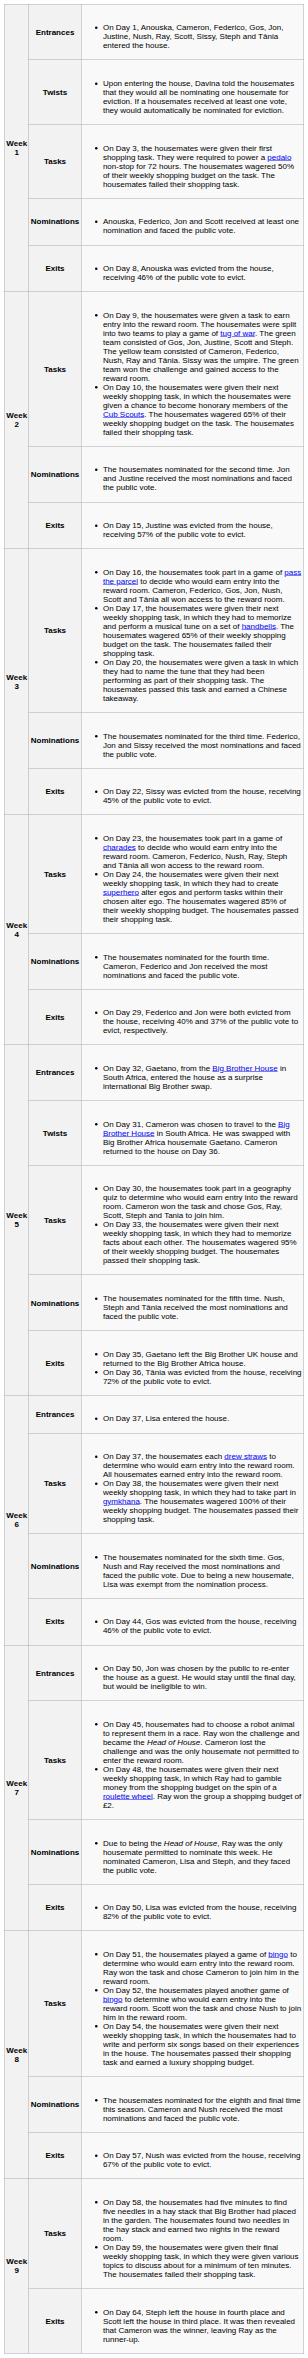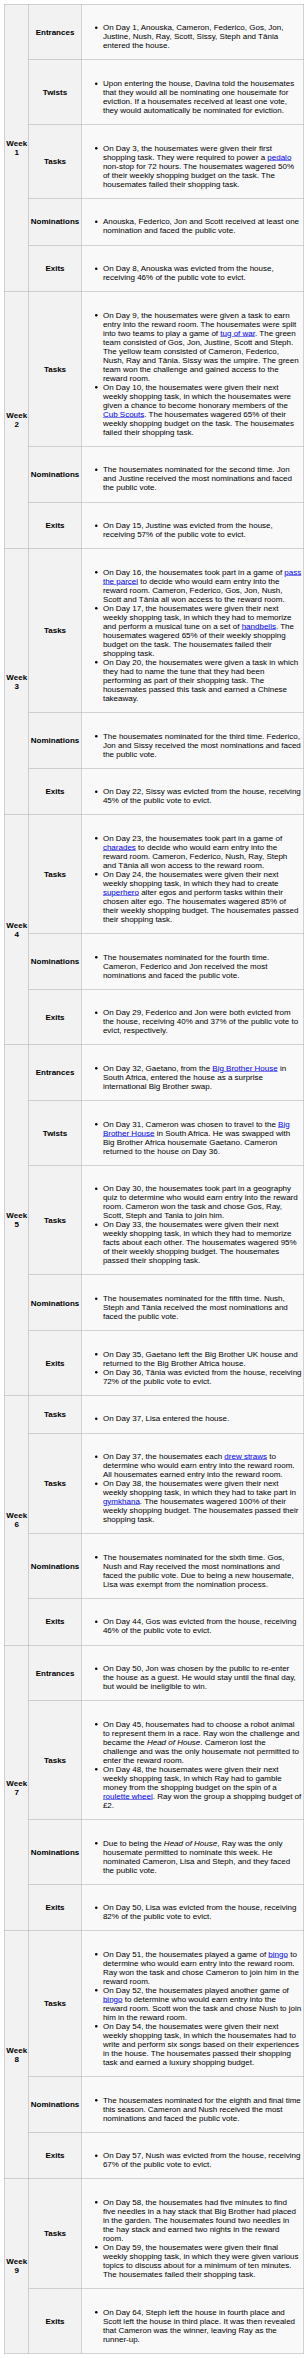 <table class="wikitable" style="width: 96%; margin-left: auto; margin-right: auto;">
 <tr>
 <th scope="rowgroup" rowspan=5 style="width: 7%;">Week 1</th>
 <th scope="row">Entrances</th>
 <td><br><ul><li>On Day 1, Anouska, Cameron, Federico, Gos, Jon, Justine, Nush, Ray, Scott, Sissy, Steph and Tânia entered the house.</li></ul></td>
 </tr>
 <tr>
 <th scope="row"><strong>Twists</strong></th>
 <td><br><ul><li>Upon entering the house, Davina told the housemates that they would all be nominating one housemate for eviction. If a housemates received at least one vote, they would automatically be nominated for eviction.</li></ul></td>
 </tr>
 <tr>
 <th scope="row">Tasks</th>
 <td><br><ul><li>On Day 3, the housemates were given their first shopping task. They were required to power a <a href='#'>pedalo</a> non-stop for 72 hours. The housemates wagered 50% of their weekly shopping budget on the task. The housemates failed their shopping task.</li></ul></td>
 </tr>
 <tr>
 <th scope="row">Nominations</th>
 <td><br><ul><li>Anouska, Federico, Jon and Scott received at least one nomination and faced the public vote.</li></ul></td>
 </tr>
 <tr>
 <th scope="row">Exits</th>
 <td><br><ul><li>On Day 8, Anouska was evicted from the house, receiving 46% of the public vote to evict.</li></ul></td>
 </tr>
 <tr>
 <th scope="rowgroup" rowspan=3>Week 2</th>
 <th scope="row">Tasks</th>
 <td><br><ul><li>On Day 9, the housemates were given a task to earn entry into the reward room. The housemates were split into two teams to play a game of <a href='#'>tug of war</a>. The green team consisted of Gos, Jon, Justine, Scott and Steph. The yellow team consisted of Cameron, Federico, Nush, Ray and Tânia. Sissy was the umpire. The green team won the challenge and gained access to the reward room.</li><li>On Day 10, the housemates were given their next weekly shopping task, in which the housemates were given a chance to become honorary members of the <a href='#'>Cub Scouts</a>. The housemates wagered 65% of their weekly shopping budget on the task. The housemates failed their shopping task.</li></ul></td>
 </tr>
 <tr>
 <th scope="row">Nominations</th>
 <td><br><ul><li>The housemates nominated for the second time. Jon and Justine received the most nominations and faced the public vote.</li></ul></td>
 </tr>
 <tr>
 <th scope="row">Exits</th>
 <td><br><ul><li>On Day 15, Justine was evicted from the house, receiving 57% of the public vote to evict.</li></ul></td>
 </tr>
 <tr>
 <th scope="rowgroup" rowspan=3>Week 3</th>
 <th scope="row">Tasks</th>
 <td><br><ul><li>On Day 16, the housemates took part in a game of <a href='#'>pass the parcel</a> to decide who would earn entry into the reward room. Cameron, Federico, Gos, Jon, Nush, Scott and Tânia all won access to the reward room.</li><li>On Day 17, the housemates were given their next weekly shopping task, in which they had to memorize and perform a musical tune on a set of <a href='#'>handbells</a>. The housemates wagered 65% of their weekly shopping budget on the task. The housemates failed their shopping task.</li><li>On Day 20, the housemates were given a task in which they had to name the tune that they had been performing as part of their shopping task. The housemates passed this task and earned a Chinese takeaway.</li></ul></td>
 </tr>
 <tr>
 <th scope="row">Nominations</th>
 <td><br><ul><li>The housemates nominated for the third time. Federico, Jon and Sissy received the most nominations and faced the public vote.</li></ul></td>
 </tr>
 <tr>
 <th scope="row">Exits</th>
 <td><br><ul><li>On Day 22, Sissy was evicted from the house, receiving 45% of the public vote to evict.</li></ul></td>
 </tr>
 <tr>
 <th scope="rowgroup" rowspan=3>Week 4</th>
 <th scope="row">Tasks</th>
 <td><br><ul><li>On Day 23, the housemates took part in a game of <a href='#'>charades</a> to decide who would earn entry into the reward room. Cameron, Federico, Nush, Ray, Steph and Tânia all won access to the reward room.</li><li>On Day 24, the housemates were given their next weekly shopping task, in which they had to create <a href='#'>superhero</a> alter egos and perform tasks within their chosen alter ego. The housemates wagered 85% of their weekly shopping budget. The housemates passed their shopping task.</li></ul></td>
 </tr>
 <tr>
 <th scope="row">Nominations</th>
 <td><br><ul><li>The housemates nominated for the fourth time. Cameron, Federico and Jon received the most nominations and faced the public vote.</li></ul></td>
 </tr>
 <tr>
 <th scope="row">Exits</th>
 <td><br><ul><li>On Day 29, Federico and Jon were both evicted from the house, receiving 40% and 37% of the public vote to evict, respectively.</li></ul></td>
 </tr>
 <tr>
 <th scope="rowgroup" rowspan=5>Week 5</th>
 <th scope="row">Entrances</th>
 <td><br><ul><li>On Day 32, Gaetano, from the <a href='#'>Big Brother House</a> in South Africa, entered the house as a surprise international Big Brother swap.</li></ul></td>
 </tr>
 <tr>
 <th scope="row">Twists</th>
 <td><br><ul><li>On Day 31, Cameron was chosen to travel to the <a href='#'>Big Brother House</a> in South Africa. He was swapped with Big Brother Africa housemate Gaetano. Cameron returned to the house on Day 36.</li></ul></td>
 </tr>
 <tr>
 <th scope="row">Tasks</th>
 <td><br><ul><li>On Day 30, the housemates took part in a geography quiz to determine who would earn entry into the reward room. Cameron won the task and chose Gos, Ray, Scott, Steph and Tania to join him.</li><li>On Day 33, the housemates were given their next weekly shopping task, in which they had to memorize facts about each other. The housemates wagered 95% of their weekly shopping budget. The housemates passed their shopping task.</li></ul></td>
 </tr>
 <tr>
 <th scope="row">Nominations</th>
 <td><br><ul><li>The housemates nominated for the fifth time. Nush, Steph and Tânia received the most nominations and faced the public vote.</li></ul></td>
 </tr>
 <tr>
 <th scope="row">Exits</th>
 <td><br><ul><li>On Day 35, Gaetano left the Big Brother UK house and returned to the Big Brother Africa house.</li><li>On Day 36, Tânia was evicted from the house, receiving 72% of the public vote to evict.</li></ul></td>
 </tr>
 <tr>
 <th scope="rowgroup" rowspan=4>Week 6</th>
-<th scope="row">Entrances</th>
+<th scope="row">Tasks</th>
 <td><br><ul><li>On Day 37, Lisa entered the house.</li></ul></td>
 </tr>
 <tr>
 <th scope="row">Tasks</th>
 <td><br><ul><li>On Day 37, the housemates each <a href='#'>drew straws</a> to determine who would earn entry into the reward room. All housemates earned entry into the reward room.</li><li>On Day 38, the housemates were given their next weekly shopping task, in which they had to take part in <a href='#'>gymkhana</a>. The housemates wagered 100% of their weekly shopping budget. The housemates passed their shopping task.</li></ul></td>
 </tr>
 <tr>
 <th scope="row">Nominations</th>
 <td><br><ul><li>The housemates nominated for the sixth time. Gos, Nush and Ray received the most nominations and faced the public vote. Due to being a new housemate, Lisa was exempt from the nomination process.</li></ul></td>
 </tr>
 <tr>
 <th scope="row">Exits</th>
 <td><br><ul><li>On Day 44, Gos was evicted from the house, receiving 46% of the public vote to evict.</li></ul></td>
 </tr>
 <tr>
 <th scope="rowgroup" rowspan=4>Week 7</th>
 <th scope="row">Entrances</th>
 <td><br><ul><li>On Day 50, Jon was chosen by the public to re-enter the house as a guest. He would stay until the final day, but would be ineligible to win.</li></ul></td>
 </tr>
 <tr>
 <th scope="row">Tasks</th>
 <td><br><ul><li>On Day 45, housemates had to choose a robot animal to represent them in a race. Ray won the challenge and became the <em>Head of House</em>. Cameron lost the challenge and was the only housemate not permitted to enter the reward room.</li><li>On Day 48, the housemates were given their next weekly shopping task, in which Ray had to gamble money from the shopping budget on the spin of a <a href='#'>roulette wheel</a>. Ray won the group a shopping budget of £2.</li></ul></td>
 </tr>
 <tr>
 <th scope="row">Nominations</th>
 <td><br><ul><li>Due to being the <em>Head of House</em>, Ray was the only housemate permitted to nominate this week. He nominated Cameron, Lisa and Steph, and they faced the public vote.</li></ul></td>
 </tr>
 <tr>
 <th scope="row">Exits</th>
 <td><br><ul><li>On Day 50, Lisa was evicted from the house, receiving 82% of the public vote to evict.</li></ul></td>
 </tr>
 <tr>
 <th scope="rowgroup" rowspan=3>Week 8</th>
 <th scope="row">Tasks</th>
 <td><br><ul><li>On Day 51, the housemates played a game of <a href='#'>bingo</a> to determine who would earn entry into the reward room. Ray won the task and chose Cameron to join him in the reward room.</li><li>On Day 52, the housemates played another game of <a href='#'>bingo</a> to determine who would earn entry into the reward room. Scott won the task and chose Nush to join him in the reward room.</li><li>On Day 54, the housemates were given their next weekly shopping task, in which the housemates had to write and perform six songs based on their experiences in the house. The housemates passed their shopping task and earned a luxury shopping budget.</li></ul></td>
 </tr>
 <tr>
 <th scope="row">Nominations</th>
 <td><br><ul><li>The housemates nominated for the eighth and final time this season. Cameron and Nush received the most nominations and faced the public vote.</li></ul></td>
 </tr>
 <tr>
 <th scope="row">Exits</th>
 <td><br><ul><li>On Day 57, Nush was evicted from the house, receiving 67% of the public vote to evict.</li></ul></td>
 </tr>
 <tr>
 <th scope="rowgroup" rowspan=2>Week 9</th>
 <th scope="row">Tasks</th>
 <td><br><ul><li>On Day 58, the housemates had five minutes to find five needles in a hay stack that Big Brother had placed in the garden. The housemates found two needles in the hay stack and earned two nights in the reward room.</li><li>On Day 59, the housemates were given their final weekly shopping task, in which they were given various topics to discuss about for a minimum of ten minutes. The housemates failed their shopping task.</li></ul></td>
 </tr>
 <tr>
 <th scope="row">Exits</th>
 <td><br><ul><li>On Day 64, Steph left the house in fourth place and Scott left the house in third place. It was then revealed that Cameron was the winner, leaving Ray as the runner-up.</li></ul></td>
 </tr>
 </table>
